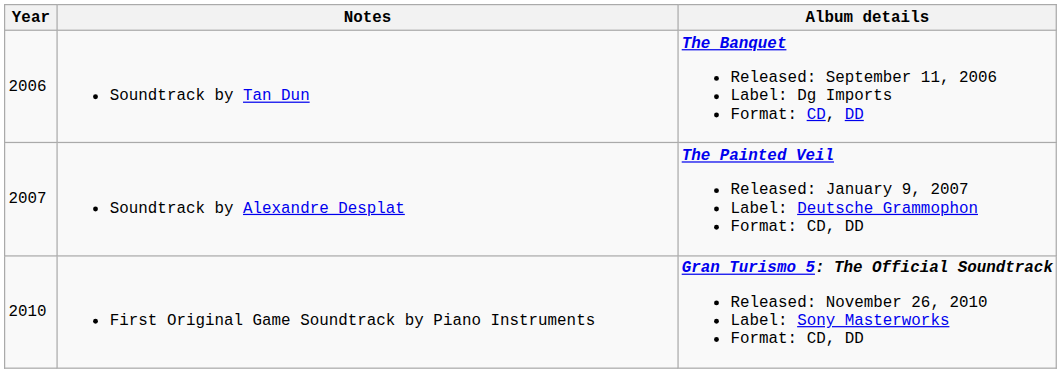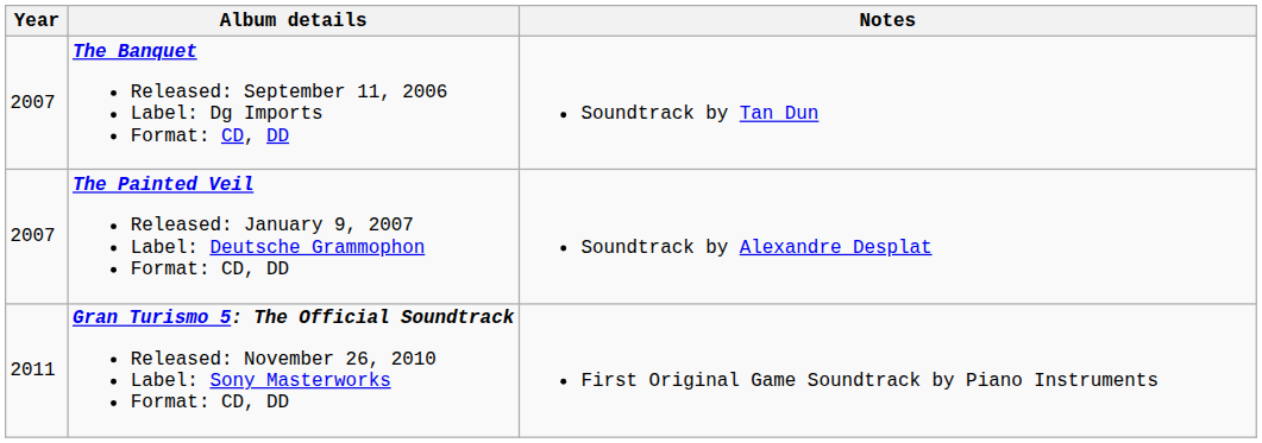 <table class="wikitable sortable" border="1">
 <tr>
 <th width="5%">Year</th>
+<th width="36%">Album details</th>
 <th width="59%" class="unsortable">Notes</th>
-<th width="36%">Album details</th>
-</tr>
-<tr>
-<td>2006</td>
-<td><br><ul><li>Soundtrack by <a href='#'>Tan Dun</a></li></ul></td>
-<td><strong><em><a href='#'>The Banquet</a></em></strong><br><ul><li>Released: September 11, 2006</li><li>Label: Dg Imports</li><li>Format: <a href='#'>CD</a>, <a href='#'>DD</a></li></ul></td>
 </tr>
 <tr>
 <td>2007</td>
-<td><br><ul><li>Soundtrack by <a href='#'>Alexandre Desplat</a></li></ul></td>
-<td><strong><em><a href='#'>The Painted Veil</a></em></strong><br><ul><li>Released: January 9, 2007</li><li>Label: <a href='#'>Deutsche Grammophon</a></li><li>Format: CD, DD</li></ul></td>
+<td><strong><em><a href='#'>The Banquet</a></em></strong><br><ul><li>Released: September 11, 2006</li><li>Label: Dg Imports</li><li>Format: <a href='#'>CD</a>, <a href='#'>DD</a></li></ul></td>
+<td><br><ul><li>Soundtrack by <a href='#'>Tan Dun</a></li></ul></td>
 </tr>
 <tr>
-<td>2010</td>
+<td>2007</td>
+<td><strong><em><a href='#'>The Painted Veil</a></em></strong><br><ul><li>Released: January 9, 2007</li><li>Label: <a href='#'>Deutsche Grammophon</a></li><li>Format: CD, DD</li></ul></td>
+<td><br><ul><li>Soundtrack by <a href='#'>Alexandre Desplat</a></li></ul></td>
+</tr>
+<tr>
+<td>2011</td>
+<td><strong><em><a href='#'>Gran Turismo 5</a>: The Official Soundtrack</em></strong><br><ul><li>Released: November 26, 2010</li><li>Label: <a href='#'>Sony Masterworks</a></li><li>Format: CD, DD</li></ul></td>
 <td><br><ul><li>First Original Game Soundtrack by Piano Instruments</li></ul></td>
-<td><strong><em><a href='#'>Gran Turismo 5</a>: The Official Soundtrack</em></strong><br><ul><li>Released: November 26, 2010</li><li>Label: <a href='#'>Sony Masterworks</a></li><li>Format: CD, DD</li></ul></td>
 </tr>
 </table>
